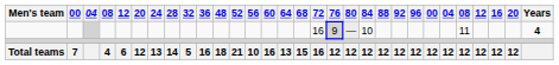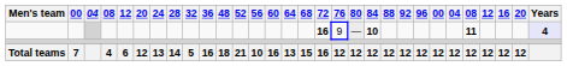 <table class="wikitable" style="text-align: center; font-size: 90%; margin-left: 1em;">
 <tr>
 <th>Men's team</th>
 <th><a href='#'>00</a></th>
 <th><em><a href='#'>04</a></em></th>
 <th><a href='#'>08</a></th>
 <th><a href='#'>12</a></th>
 <th><a href='#'>20</a></th>
 <th><a href='#'>24</a></th>
 <th><a href='#'>28</a></th>
 <th><a href='#'>32</a></th>
 <th><a href='#'>36</a></th>
 <th><a href='#'>48</a></th>
 <th><a href='#'>52</a></th>
 <th><a href='#'>56</a></th>
 <th><a href='#'>60</a></th>
 <th><a href='#'>64</a></th>
 <th><a href='#'>68</a></th>
 <th><a href='#'>72</a></th>
 <th><a href='#'>76</a></th>
 <th><a href='#'>80</a></th>
 <th><a href='#'>84</a></th>
 <th><a href='#'>88</a></th>
 <th><a href='#'>92</a></th>
 <th><a href='#'>96</a></th>
 <th><a href='#'>00</a></th>
 <th><a href='#'>04</a></th>
 <th><a href='#'>08</a></th>
 <th><a href='#'>12</a></th>
 <th><a href='#'>16</a></th>
 <th><a href='#'>20</a></th>
 <th>Years</th>
 </tr>
 <tr>
 <td style="text-align: left;"></td>
 <td></td>
 <td style="background-color: lightgray;"></td>
 <td></td>
 <td></td>
 <td></td>
 <td></td>
 <td></td>
 <td></td>
 <td></td>
 <td></td>
 <td></td>
 <td></td>
 <td></td>
 <td></td>
 <td></td>
-<td>16</td>
-<td style="background: lightgrey; border: 2px solid blue;">9</td>
+<td><strong>16</strong></td>
+<td style="border: 2px solid blue;">9</td>
 <td style="background-color: #ececec;">—</td>
-<td>10</td>
+<td><strong>10</strong></td>
 <td></td>
 <td></td>
 <td></td>
 <td></td>
 <td></td>
-<td>11</td>
+<td><strong>11</strong></td>
 <td></td>
 <td></td>
 <td></td>
-<td><strong>4</strong></td>
+<td style="background: lavender;"><strong>4</strong></td>
 </tr>
 <tr style="background-color: lightgrey;">
 <td colspan="30"></td>
 </tr>
 <tr>
 <th>Total teams</th>
 <th>7</th>
 <th></th>
 <th>4</th>
 <th>6</th>
 <th>12</th>
 <th>13</th>
 <th>14</th>
 <th>5</th>
 <th>16</th>
 <th>18</th>
 <th>21</th>
 <th>10</th>
 <th>16</th>
 <th>13</th>
 <th>15</th>
 <th>16</th>
 <th>12</th>
 <th>12</th>
 <th>12</th>
 <th>12</th>
 <th>12</th>
 <th>12</th>
 <th>12</th>
 <th>12</th>
 <th>12</th>
 <th>12</th>
 <th>12</th>
 <th>12</th>
 <th></th>
 </tr>
 </table>
